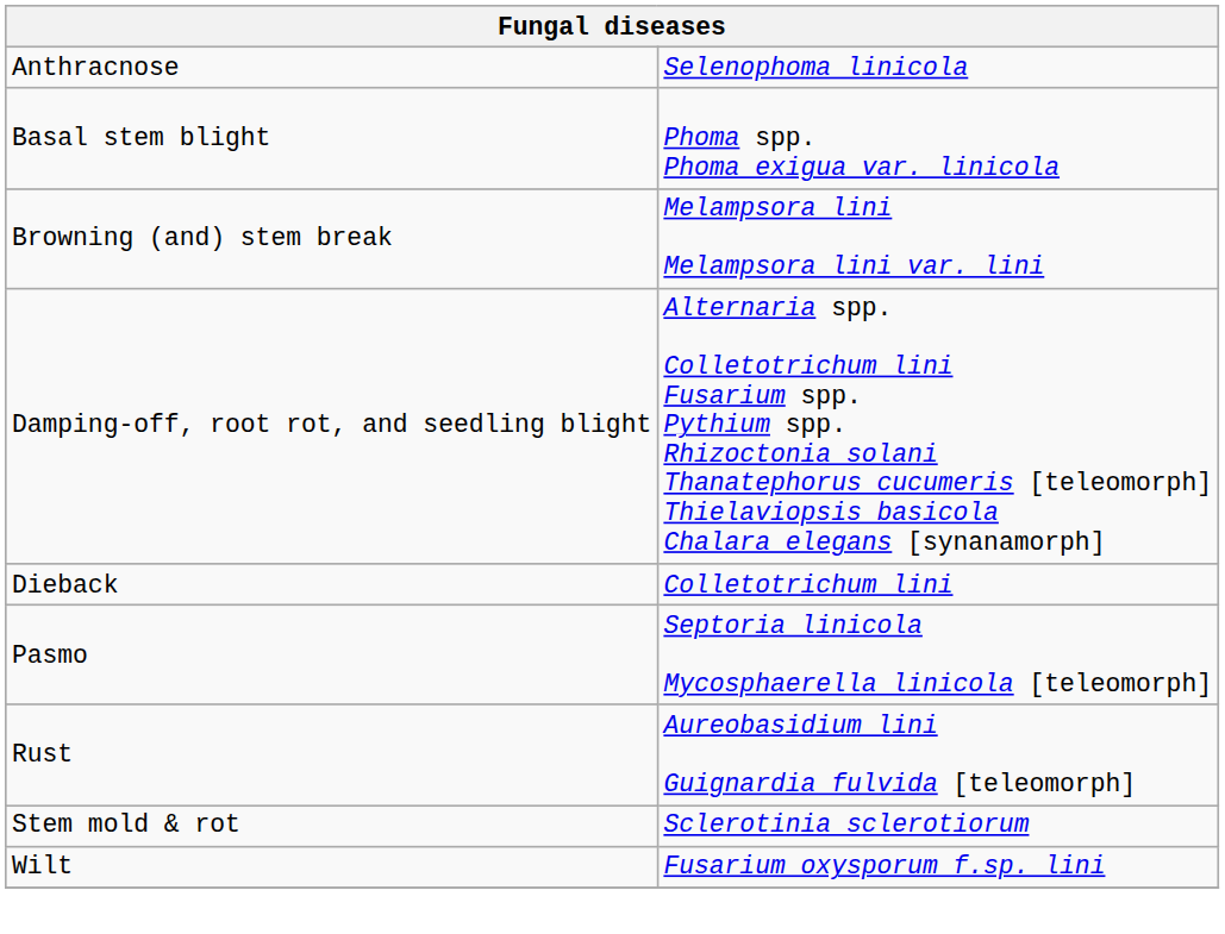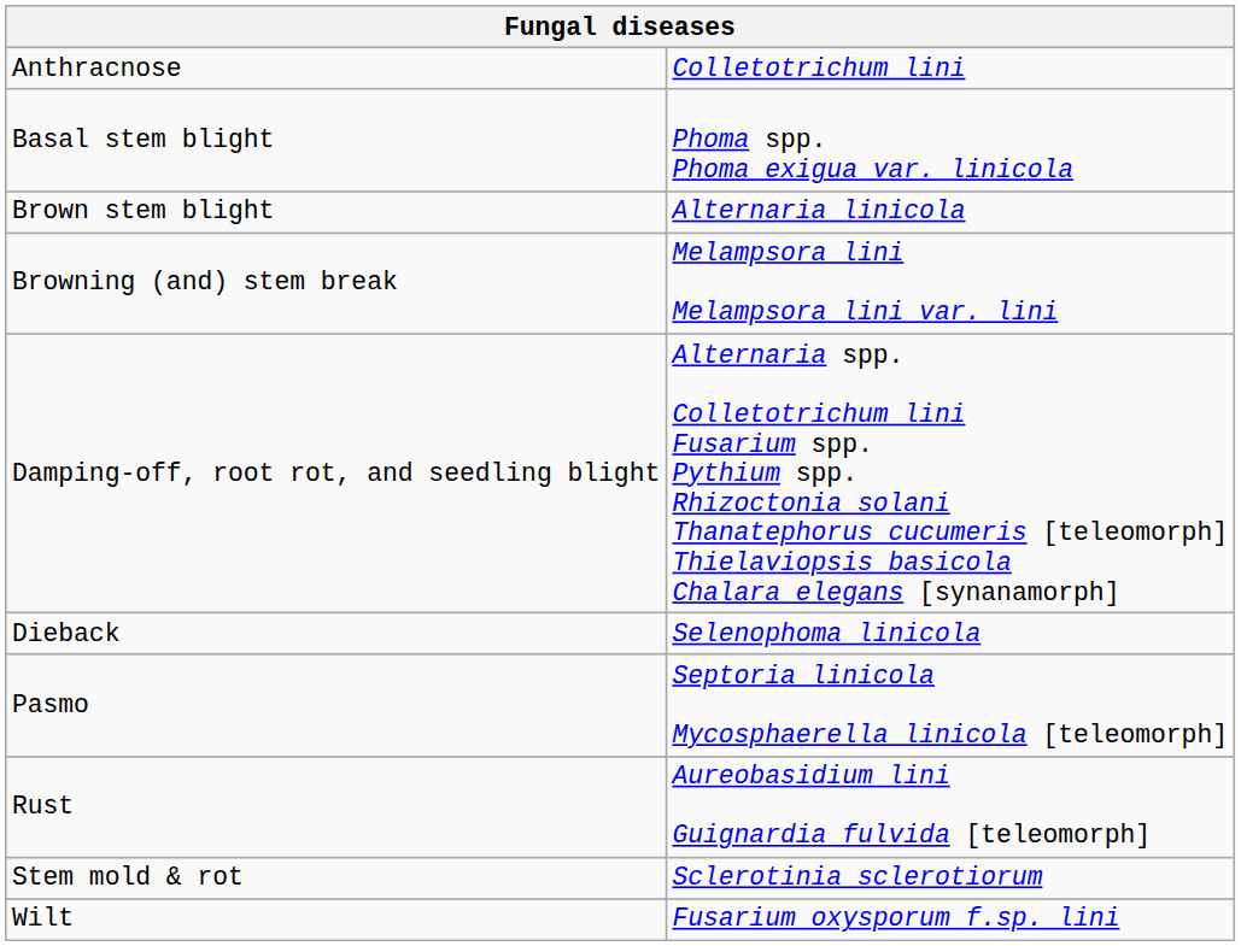 <table class="wikitable" style="clear">
 <tr>
 <th colspan=2><strong>Fungal diseases</strong><br></th>
 </tr>
 <tr>
 <td>Anthracnose</td>
-<td><em><a href='#'>Selenophoma linicola</a></em></td>
+<td><em><a href='#'>Colletotrichum lini</a></em></td>
 </tr>
 <tr>
 <td>Basal stem blight</td>
 <td><br><em><a href='#'>Phoma</a></em> spp. <br> <em><a href='#'>Phoma exigua var. linicola</a></em></td>
+</tr>
+<tr>
+<td>Brown stem blight</td>
+<td><em><a href='#'>Alternaria linicola</a></em></td>
 </tr>
 <tr>
 <td>Browning (and) stem break</td>
 <td><em><a href='#'>Melampsora lini</a></em> <br><br> <em><a href='#'>Melampsora lini var. lini</a></em></td>
 </tr>
 <tr>
 <td>Damping-off, root rot, and seedling blight</td>
 <td><em><a href='#'>Alternaria</a></em> spp. <br><br><em><a href='#'>Colletotrichum lini</a></em><br> <em><a href='#'>Fusarium</a></em> spp. <br> <em><a href='#'>Pythium</a></em> spp. <br> <em><a href='#'>Rhizoctonia solani</a></em><br> <em><a href='#'>Thanatephorus cucumeris</a></em> [teleomorph]<br> <em><a href='#'>Thielaviopsis basicola</a></em><br> <em><a href='#'>Chalara elegans</a></em> [synanamorph]</td>
 </tr>
 <tr>
 <td>Dieback</td>
-<td><em><a href='#'>Colletotrichum lini</a></em></td>
+<td><em><a href='#'>Selenophoma linicola</a></em></td>
 </tr>
 <tr>
 <td>Pasmo</td>
 <td><em><a href='#'>Septoria linicola</a></em> <br><br><em><a href='#'>Mycosphaerella linicola</a></em> [teleomorph]</td>
 </tr>
 <tr>
 <td>Rust</td>
 <td><em><a href='#'>Aureobasidium lini</a></em><br><br><em><a href='#'>Guignardia fulvida</a></em> [teleomorph]</td>
 </tr>
 <tr>
 <td>Stem mold & rot</td>
 <td><em><a href='#'>Sclerotinia sclerotiorum</a></em></td>
 </tr>
 <tr>
 <td>Wilt</td>
 <td><em><a href='#'>Fusarium oxysporum f.sp. lini</a></em></td>
 </tr>
 <tr>
 </tr>
 </table>
